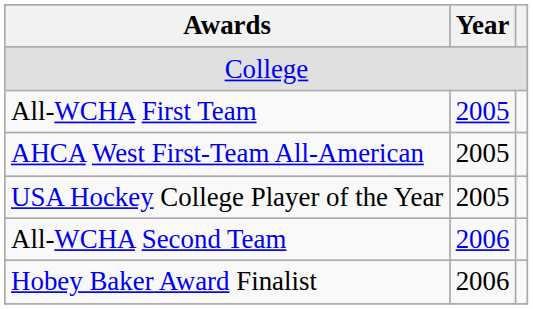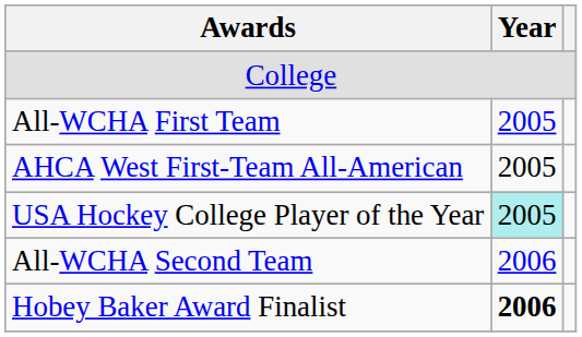 <table class="wikitable">
 <tr>
 <th>Awards</th>
 <th>Year</th>
 <th></th>
 </tr>
 <tr ALIGN="center" bgcolor="#e0e0e0">
 <td colspan="3"><a href='#'>College</a></td>
 </tr>
 <tr>
 <td>All-<a href='#'>WCHA</a> <a href='#'>First Team</a></td>
 <td><a href='#'>2005</a></td>
 <td></td>
 </tr>
 <tr>
 <td><a href='#'>AHCA</a> <a href='#'>West First-Team All-American</a></td>
 <td>2005</td>
 <td></td>
 </tr>
 <tr>
 <td><a href='#'>USA Hockey</a> College Player of the Year</td>
-<td>2005</td>
+<td style="background: paleturquoise;">2005</td>
 <td></td>
 </tr>
 <tr>
 <td>All-<a href='#'>WCHA</a> <a href='#'>Second Team</a></td>
 <td><a href='#'>2006</a></td>
 <td></td>
 </tr>
 <tr>
 <td><a href='#'>Hobey Baker Award</a> Finalist</td>
-<td>2006</td>
+<td><strong>2006</strong></td>
 <td></td>
 </tr>
 </table>
